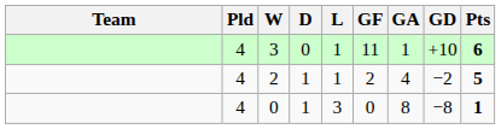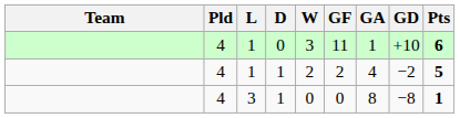 <table class="wikitable" style="text-align:center;">
 <tr>
 <th width=180>Team</th>
 <th width=20>Pld</th>
+<th width=20>L</th>
+<th width=20>D</th>
 <th width=20>W</th>
-<th width=20>D</th>
-<th width=20>L</th>
 <th width=20>GF</th>
 <th width=20>GA</th>
 <th width=20>GD</th>
 <th width=20>Pts</th>
 </tr>
 <tr bgcolor="ccffcc">
 <td align="left"></td>
 <td>4</td>
+<td>1</td>
+<td>0</td>
 <td>3</td>
-<td>0</td>
-<td>1</td>
 <td>11</td>
 <td>1</td>
 <td>+10</td>
 <td><strong>6</strong></td>
 </tr>
 <tr>
 <td align="left"></td>
 <td>4</td>
-<td>2</td>
 <td>1</td>
 <td>1</td>
+<td>2</td>
 <td>2</td>
 <td>4</td>
 <td>−2</td>
 <td><strong>5</strong></td>
 </tr>
 <tr>
 <td align="left"></td>
 <td>4</td>
+<td>3</td>
+<td>1</td>
 <td>0</td>
-<td>1</td>
-<td>3</td>
 <td>0</td>
 <td>8</td>
 <td>−8</td>
 <td><strong>1</strong></td>
 </tr>
 </table>
